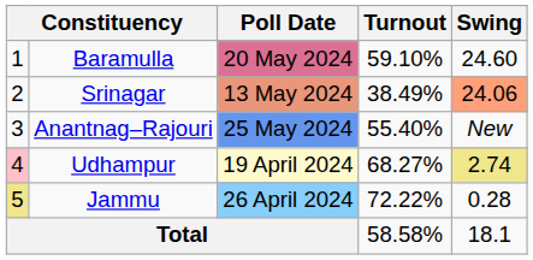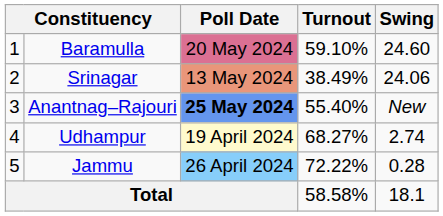 <table class="wikitable" style="text-align:center;margin:auto;">
 <tr>
 <th colspan="2">Constituency</th>
 <th>Poll Date</th>
 <th>Turnout</th>
 <th>Swing</th>
 </tr>
 <tr>
 <td>1</td>
 <td><a href='#'>Baramulla</a></td>
 <td bgcolor="#DB7093">20 May 2024</td>
 <td>59.10%</td>
 <td> 24.60</td>
 </tr>
 <tr>
 <td>2</td>
 <td><a href='#'>Srinagar</a></td>
 <td bgcolor="#E9967A">13 May 2024</td>
 <td>38.49%</td>
-<td style="background: lightsalmon;"> 24.06</td>
+<td> 24.06</td>
 </tr>
 <tr>
 <td>3</td>
 <td><a href='#'>Anantnag–Rajouri</a></td>
-<td style="background: #6495ED">25 May 2024</td>
+<td style="background: #6495ED"><strong>25 May 2024</strong></td>
 <td>55.40%</td>
 <td><em>New</em></td>
 </tr>
 <tr>
-<td style="background: pink;">4</td>
+<td>4</td>
 <td><a href='#'>Udhampur</a></td>
 <td bgcolor=#FFFACD>19 April 2024</td>
 <td>68.27%</td>
-<td style="background: khaki;"> 2.74</td>
+<td> 2.74</td>
 </tr>
 <tr>
-<td style="background: khaki;">5</td>
+<td>5</td>
 <td><a href='#'>Jammu</a></td>
 <td bgcolor=#87CEFA>26 April 2024</td>
 <td>72.22%</td>
 <td> 0.28</td>
 </tr>
 <tr>
 <th colspan="3">Total</th>
 <td>58.58%</td>
 <td> 18.1</td>
 </tr>
 </table>
